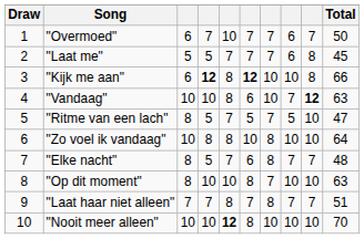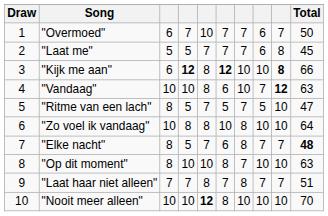 <table class="wikitable" style="margin: 1em auto 1em auto; text-align:center">
 <tr>
 </tr>
 <tr>
 <th>Draw</th>
 <th>Song</th>
 <th></th>
 <th></th>
 <th></th>
 <th></th>
 <th></th>
 <th></th>
 <th></th>
 <th>Total</th>
 </tr>
 <tr>
 <td>1</td>
 <td align="left">"Overmoed"</td>
 <td>6</td>
 <td>7</td>
 <td>10</td>
 <td>7</td>
 <td>7</td>
 <td>6</td>
 <td>7</td>
 <td>50</td>
 </tr>
 <tr>
 <td>2</td>
 <td align="left">"Laat me"</td>
 <td>5</td>
 <td>5</td>
 <td>7</td>
 <td>7</td>
 <td>7</td>
 <td>6</td>
 <td>8</td>
 <td>45</td>
 </tr>
 <tr>
 <td>3</td>
 <td align="left">"Kijk me aan"</td>
 <td>6</td>
 <td><strong>12</strong></td>
 <td>8</td>
 <td><strong>12</strong></td>
 <td>10</td>
 <td>10</td>
-<td>8</td>
+<td><strong>8</strong></td>
 <td>66</td>
 </tr>
 <tr>
 <td>4</td>
 <td align="left">"Vandaag"</td>
 <td>10</td>
 <td>10</td>
 <td>8</td>
 <td>6</td>
 <td>10</td>
 <td>7</td>
 <td><strong>12</strong></td>
 <td>63</td>
 </tr>
 <tr>
 <td>5</td>
 <td align="left">"Ritme van een lach"</td>
 <td>8</td>
 <td>5</td>
 <td>7</td>
 <td>5</td>
 <td>7</td>
 <td>5</td>
 <td>10</td>
 <td>47</td>
 </tr>
 <tr>
 <td>6</td>
 <td align="left">"Zo voel ik vandaag"</td>
 <td>10</td>
 <td>8</td>
 <td>8</td>
 <td>10</td>
 <td>8</td>
 <td>10</td>
 <td>10</td>
 <td>64</td>
 </tr>
 <tr>
 <td>7</td>
 <td align="left">"Elke nacht"</td>
 <td>8</td>
 <td>5</td>
 <td>7</td>
 <td>6</td>
 <td>8</td>
 <td>7</td>
 <td>7</td>
-<td>48</td>
+<td><strong>48</strong></td>
 </tr>
 <tr>
 <td>8</td>
 <td align="left">"Op dit moment"</td>
 <td>8</td>
 <td>10</td>
 <td>10</td>
 <td>8</td>
 <td>7</td>
 <td>10</td>
 <td>10</td>
 <td>63</td>
 </tr>
 <tr>
 <td>9</td>
 <td align="left">"Laat haar niet alleen"</td>
 <td>7</td>
 <td>7</td>
 <td>8</td>
 <td>7</td>
 <td>8</td>
 <td>7</td>
 <td>7</td>
 <td>51</td>
 </tr>
 <tr>
 <td>10</td>
 <td align="left">"Nooit meer alleen"</td>
 <td>10</td>
 <td>10</td>
 <td><strong>12</strong></td>
 <td>8</td>
 <td>10</td>
 <td>10</td>
 <td>10</td>
 <td>70</td>
 </tr>
 </table>
